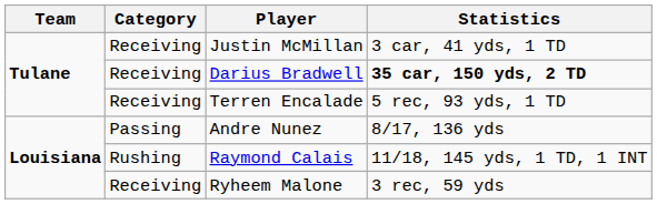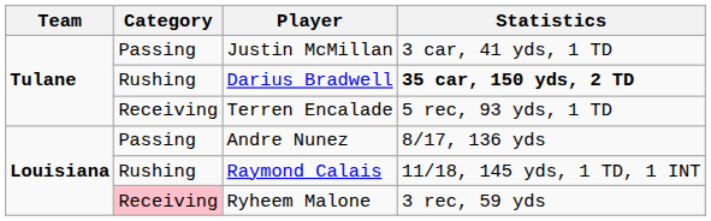 <table class="wikitable">
 <tr>
 <th>Team</th>
 <th>Category</th>
 <th>Player</th>
 <th>Statistics</th>
 </tr>
 <tr>
 <td rowspan=3><strong>Tulane</strong></td>
-<td>Receiving</td>
+<td>Passing</td>
 <td>Justin McMillan</td>
 <td>3 car, 41 yds, 1 TD</td>
 </tr>
 <tr>
-<td>Receiving</td>
+<td>Rushing</td>
 <td><a href='#'>Darius Bradwell</a></td>
 <td><strong>35 car, 150 yds, 2 TD</strong></td>
 </tr>
 <tr>
 <td>Receiving</td>
 <td>Terren Encalade</td>
 <td>5 rec, 93 yds, 1 TD</td>
 </tr>
 <tr>
 <td rowspan=3><strong>Louisiana</strong></td>
 <td>Passing</td>
 <td>Andre Nunez</td>
 <td>8/17, 136 yds</td>
 </tr>
 <tr>
 <td>Rushing</td>
 <td><a href='#'>Raymond Calais</a></td>
 <td>11/18, 145 yds, 1 TD, 1 INT</td>
 </tr>
 <tr>
-<td>Receiving</td>
+<td style="background: pink;">Receiving</td>
 <td>Ryheem Malone</td>
 <td>3 rec, 59 yds</td>
 </tr>
 </table>
